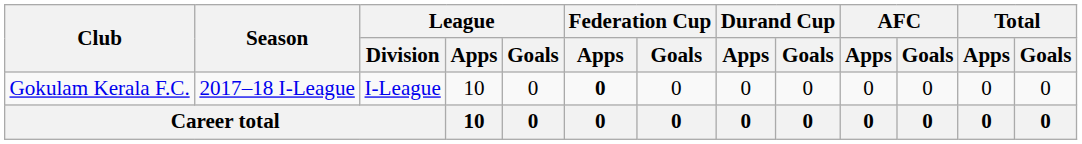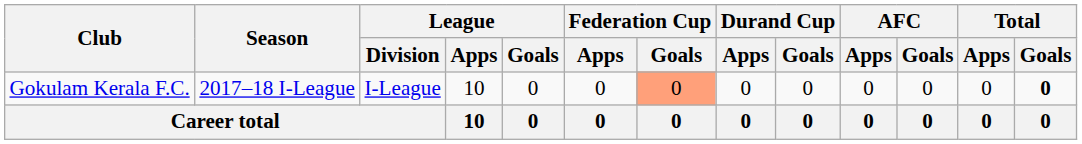 <table class="wikitable" style="text-align: center;">
 <tr>
 <th rowspan="2">Club</th>
 <th rowspan="2">Season</th>
 <th colspan="3">League</th>
 <th colspan="2">Federation Cup</th>
 <th colspan="2">Durand Cup</th>
 <th colspan="2">AFC</th>
 <th colspan="2">Total</th>
 </tr>
 <tr>
 <th>Division</th>
 <th>Apps</th>
 <th>Goals</th>
 <th>Apps</th>
 <th>Goals</th>
 <th>Apps</th>
 <th>Goals</th>
 <th>Apps</th>
 <th>Goals</th>
 <th>Apps</th>
 <th>Goals</th>
 </tr>
 <tr>
 <td rowspan="1"><a href='#'>Gokulam Kerala F.C.</a></td>
 <td><a href='#'>2017–18 I-League</a></td>
 <td><a href='#'>I-League</a></td>
 <td>10</td>
 <td>0</td>
-<td><strong>0</strong></td>
+<td>0</td>
+<td style="background: lightsalmon;">0</td>
 <td>0</td>
 <td>0</td>
 <td>0</td>
 <td>0</td>
 <td>0</td>
-<td>0</td>
-<td>0</td>
+<td><strong>0</strong></td>
 </tr>
 <tr>
 <th colspan="3">Career total</th>
 <th>10</th>
 <th>0</th>
 <th>0</th>
 <th>0</th>
 <th>0</th>
 <th>0</th>
 <th>0</th>
 <th>0</th>
 <th>0</th>
 <th>0</th>
 </tr>
 </table>
